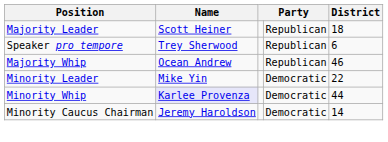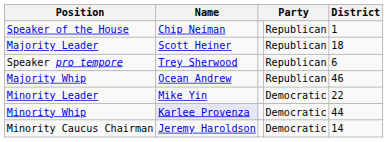 <table class=wikitable>
 <tr>
 <th>Position</th>
 <th>Name</th>
 <th colspan=2>Party</th>
 <th>District</th>
+</tr>
+<tr>
+<td><a href='#'>Speaker of the House</a></td>
+<td><a href='#'>Chip Neiman</a></td>
+<td style="background:"></td>
+<td>Republican</td>
+<td>1</td>
 </tr>
 <tr>
 <td><a href='#'>Majority Leader</a></td>
 <td><a href='#'>Scott Heiner</a></td>
 <td style="background:"></td>
 <td>Republican</td>
 <td>18</td>
 </tr>
 <tr>
 <td>Speaker <em><a href='#'>pro tempore</a></em></td>
 <td><a href='#'>Trey Sherwood</a></td>
 <td style="background:"></td>
 <td>Republican</td>
 <td>6</td>
 </tr>
 <tr>
 <td><a href='#'>Majority Whip</a></td>
 <td><a href='#'>Ocean Andrew</a></td>
 <td style="background:"></td>
 <td>Republican</td>
 <td>46</td>
 </tr>
 <tr>
 <td><a href='#'>Minority Leader</a></td>
 <td><a href='#'>Mike Yin</a></td>
 <td style="background:"></td>
 <td>Democratic</td>
 <td>22</td>
 </tr>
 <tr>
 <td><a href='#'>Minority Whip</a></td>
 <td style="background: lavender;"><a href='#'>Karlee Provenza</a></td>
 <td style="background:"></td>
 <td>Democratic</td>
 <td>44</td>
 </tr>
 <tr>
 <td>Minority Caucus Chairman</td>
 <td><a href='#'>Jeremy Haroldson</a></td>
 <td style="background:"></td>
 <td>Democratic</td>
 <td>14</td>
 </tr>
 </table>
